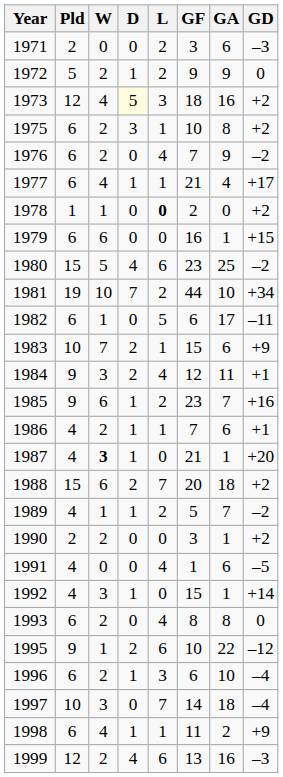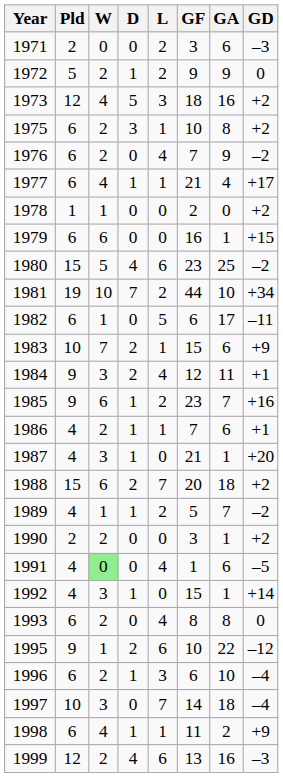 <table class="wikitable sortable" style="float:left; text-align:center;">
 <tr>
 <th width=40>Year</th>
 <th width=20>Pld</th>
 <th width=20>W</th>
 <th width=20>D</th>
 <th width=20>L</th>
 <th width=20>GF</th>
 <th width=20>GA</th>
 <th width=20>GD</th>
 </tr>
 <tr>
 <td>1971</td>
 <td>2</td>
 <td>0</td>
 <td>0</td>
 <td>2</td>
 <td>3</td>
 <td>6</td>
 <td>–3</td>
 </tr>
 <tr>
 <td>1972</td>
 <td>5</td>
 <td>2</td>
 <td>1</td>
 <td>2</td>
 <td>9</td>
 <td>9</td>
 <td>0</td>
 </tr>
 <tr>
 <td>1973</td>
 <td>12</td>
 <td>4</td>
-<td style="background: lightyellow;">5</td>
+<td>5</td>
 <td>3</td>
 <td>18</td>
 <td>16</td>
 <td>+2</td>
 </tr>
 <tr>
 <td>1975</td>
 <td>6</td>
 <td>2</td>
 <td>3</td>
 <td>1</td>
 <td>10</td>
 <td>8</td>
 <td>+2</td>
 </tr>
 <tr>
 <td>1976</td>
 <td>6</td>
 <td>2</td>
 <td>0</td>
 <td>4</td>
 <td>7</td>
 <td>9</td>
 <td>–2</td>
 </tr>
 <tr>
 <td>1977</td>
 <td>6</td>
 <td>4</td>
 <td>1</td>
 <td>1</td>
 <td>21</td>
 <td>4</td>
 <td>+17</td>
 </tr>
 <tr>
 <td>1978</td>
 <td>1</td>
 <td>1</td>
 <td>0</td>
-<td><strong>0</strong></td>
+<td>0</td>
 <td>2</td>
 <td>0</td>
 <td>+2</td>
 </tr>
 <tr>
 <td>1979</td>
 <td>6</td>
 <td>6</td>
 <td>0</td>
 <td>0</td>
 <td>16</td>
 <td>1</td>
 <td>+15</td>
 </tr>
 <tr>
 <td>1980</td>
 <td>15</td>
 <td>5</td>
 <td>4</td>
 <td>6</td>
 <td>23</td>
 <td>25</td>
 <td>–2</td>
 </tr>
 <tr>
 <td>1981</td>
 <td>19</td>
 <td>10</td>
 <td>7</td>
 <td>2</td>
 <td>44</td>
 <td>10</td>
 <td>+34</td>
 </tr>
 <tr>
 <td>1982</td>
 <td>6</td>
 <td>1</td>
 <td>0</td>
 <td>5</td>
 <td>6</td>
 <td>17</td>
 <td>–11</td>
 </tr>
 <tr>
 <td>1983</td>
 <td>10</td>
 <td>7</td>
 <td>2</td>
 <td>1</td>
 <td>15</td>
 <td>6</td>
 <td>+9</td>
 </tr>
 <tr>
 <td>1984</td>
 <td>9</td>
 <td>3</td>
 <td>2</td>
 <td>4</td>
 <td>12</td>
 <td>11</td>
 <td>+1</td>
 </tr>
 <tr>
 <td>1985</td>
 <td>9</td>
 <td>6</td>
 <td>1</td>
 <td>2</td>
 <td>23</td>
 <td>7</td>
 <td>+16</td>
 </tr>
 <tr>
 <td>1986</td>
 <td>4</td>
 <td>2</td>
 <td>1</td>
 <td>1</td>
 <td>7</td>
 <td>6</td>
 <td>+1</td>
 </tr>
 <tr>
 <td>1987</td>
 <td>4</td>
-<td><strong>3</strong></td>
+<td>3</td>
 <td>1</td>
 <td>0</td>
 <td>21</td>
 <td>1</td>
 <td>+20</td>
 </tr>
 <tr>
 <td>1988</td>
 <td>15</td>
 <td>6</td>
 <td>2</td>
 <td>7</td>
 <td>20</td>
 <td>18</td>
 <td>+2</td>
 </tr>
 <tr>
 <td>1989</td>
 <td>4</td>
 <td>1</td>
 <td>1</td>
 <td>2</td>
 <td>5</td>
 <td>7</td>
 <td>–2</td>
 </tr>
 <tr>
 <td>1990</td>
 <td>2</td>
 <td>2</td>
 <td>0</td>
 <td>0</td>
 <td>3</td>
 <td>1</td>
 <td>+2</td>
 </tr>
 <tr>
 <td>1991</td>
 <td>4</td>
-<td>0</td>
+<td style="background: lightgreen;">0</td>
 <td>0</td>
 <td>4</td>
 <td>1</td>
 <td>6</td>
 <td>–5</td>
 </tr>
 <tr>
 <td>1992</td>
 <td>4</td>
 <td>3</td>
 <td>1</td>
 <td>0</td>
 <td>15</td>
 <td>1</td>
 <td>+14</td>
 </tr>
 <tr>
 <td>1993</td>
 <td>6</td>
 <td>2</td>
 <td>0</td>
 <td>4</td>
 <td>8</td>
 <td>8</td>
 <td>0</td>
 </tr>
 <tr>
 <td>1995</td>
 <td>9</td>
 <td>1</td>
 <td>2</td>
 <td>6</td>
 <td>10</td>
 <td>22</td>
 <td>–12</td>
 </tr>
 <tr>
 <td>1996</td>
 <td>6</td>
 <td>2</td>
 <td>1</td>
 <td>3</td>
 <td>6</td>
 <td>10</td>
 <td>–4</td>
 </tr>
 <tr>
 <td>1997</td>
 <td>10</td>
 <td>3</td>
 <td>0</td>
 <td>7</td>
 <td>14</td>
 <td>18</td>
 <td>–4</td>
 </tr>
 <tr>
 <td>1998</td>
 <td>6</td>
 <td>4</td>
 <td>1</td>
 <td>1</td>
 <td>11</td>
 <td>2</td>
 <td>+9</td>
 </tr>
 <tr>
 <td>1999</td>
 <td>12</td>
 <td>2</td>
 <td>4</td>
 <td>6</td>
 <td>13</td>
 <td>16</td>
 <td>–3</td>
 </tr>
 <tr>
 </tr>
 </table>
